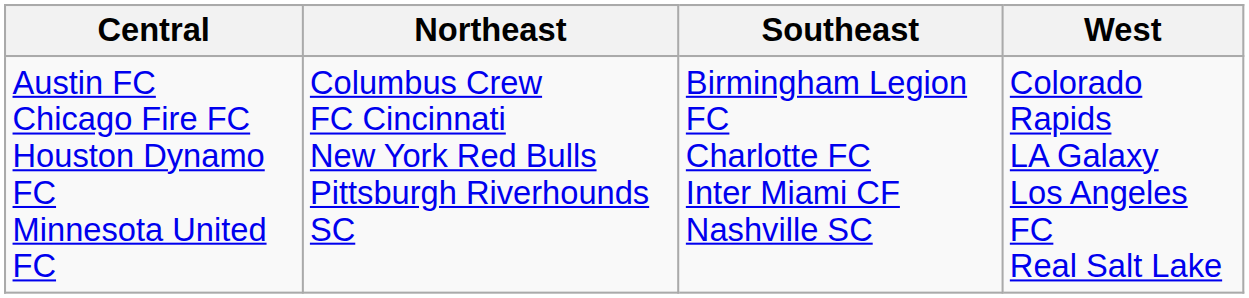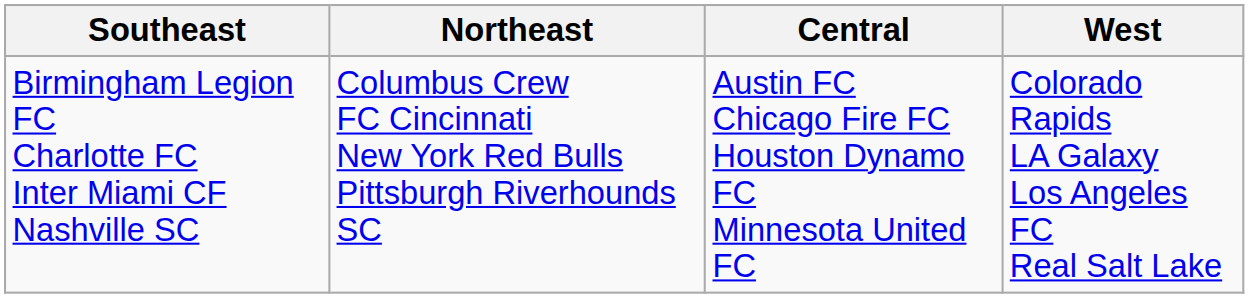 <table class="wikitable">
 <tr>
+<th>Southeast</th>
+<th>Northeast</th>
 <th>Central</th>
-<th>Northeast</th>
-<th>Southeast</th>
 <th>West</th>
 </tr>
 <tr valign="top">
+<td><a href='#'>Birmingham Legion FC</a> <br> <a href='#'>Charlotte FC</a> <br> <a href='#'>Inter Miami CF</a> <br> <a href='#'>Nashville SC</a></td>
+<td><a href='#'>Columbus Crew</a> <br> <a href='#'>FC Cincinnati</a> <br> <a href='#'>New York Red Bulls</a> <br> <a href='#'>Pittsburgh Riverhounds SC</a></td>
 <td><a href='#'>Austin FC</a> <br> <a href='#'>Chicago Fire FC</a> <br> <a href='#'>Houston Dynamo FC</a> <br> <a href='#'>Minnesota United FC</a></td>
-<td><a href='#'>Columbus Crew</a> <br> <a href='#'>FC Cincinnati</a> <br> <a href='#'>New York Red Bulls</a> <br> <a href='#'>Pittsburgh Riverhounds SC</a></td>
-<td><a href='#'>Birmingham Legion FC</a> <br> <a href='#'>Charlotte FC</a> <br> <a href='#'>Inter Miami CF</a> <br> <a href='#'>Nashville SC</a></td>
 <td><a href='#'>Colorado Rapids</a> <br> <a href='#'>LA Galaxy</a> <br> <a href='#'>Los Angeles FC</a> <br> <a href='#'>Real Salt Lake</a></td>
 </tr>
 </table>
